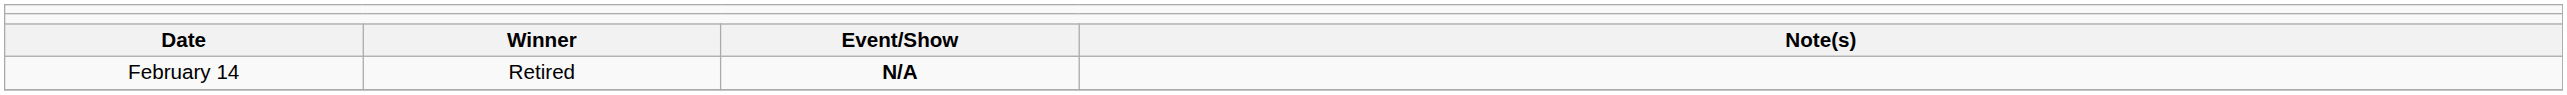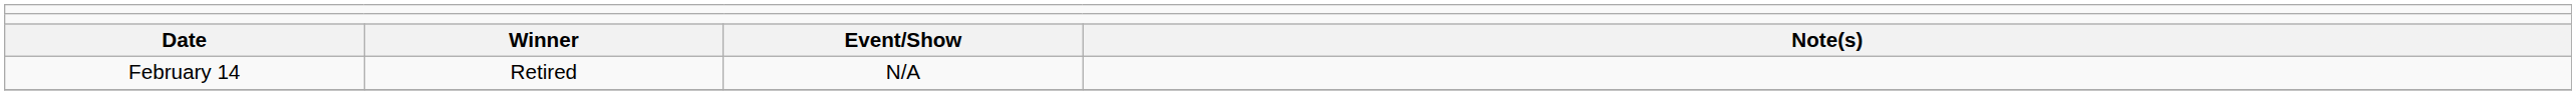 <table class="wikitable" style="text-align:center; width:100%;">
 <tr>
 <td colspan="5"></td>
 </tr>
 <tr>
 <td colspan="5"><strong></strong></td>
 </tr>
 <tr>
 <th width="14%">Date</th>
 <th width="14%">Winner</th>
 <th width="14%">Event/Show</th>
 <th width="58%">Note(s)</th>
 </tr>
 <tr>
 <td>February 14</td>
 <td>Retired</td>
-<td><strong>N/A</strong></td>
+<td>N/A</td>
 <td align=left></td>
 </tr>
 <tr>
 </tr>
 </table>
